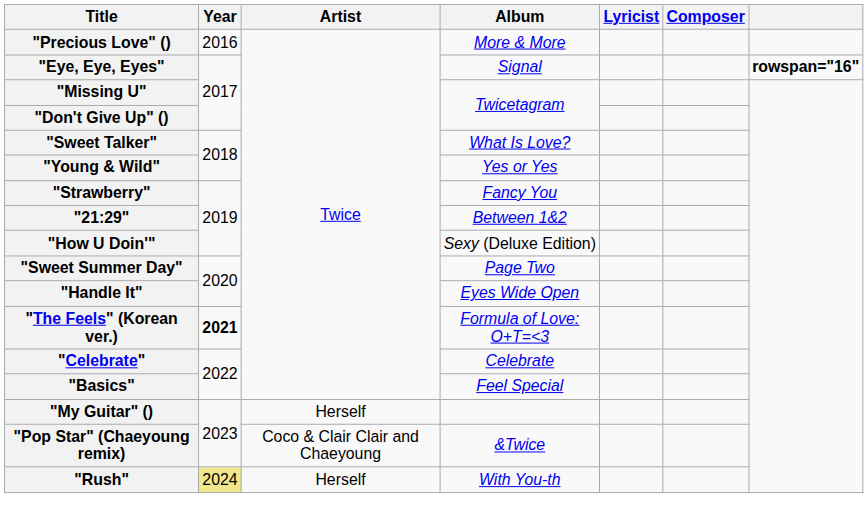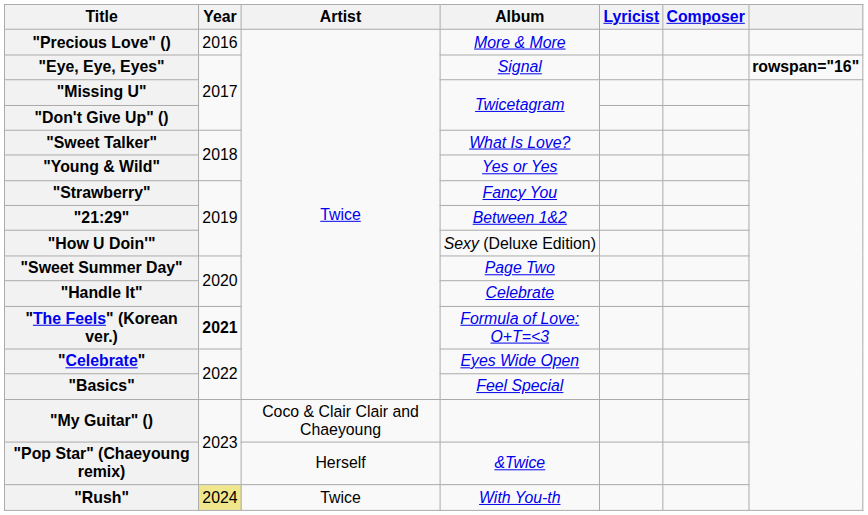 <table class="wikitable plainrowheaders" style="text-align:center">
 <tr>
 <th scope="col">Title</th>
 <th scope="col">Year</th>
 <th scope="col">Artist</th>
 <th scope="col">Album</th>
 <th scope="col"><a href='#'>Lyricist</a></th>
 <th scope="col"><a href='#'>Composer</a></th>
 <th scope="col"></th>
 </tr>
 <tr>
 <th scope="row">"Precious Love" ()</th>
 <td>2016</td>
 <td rowspan="14"><a href='#'>Twice</a></td>
 <td><em><a href='#'>More & More</a></em></td>
 <td></td>
 <td></td>
 <td></td>
 </tr>
 <tr>
 <th scope="row">"Eye, Eye, Eyes"</th>
 <td rowspan="3">2017</td>
 <td><em><a href='#'>Signal</a></em></td>
 <td></td>
 <td></td>
 <td><strong>rowspan="16" </strong></td>
 </tr>
 <tr>
 <th scope="row">"Missing U"</th>
 <td rowspan="2"><em><a href='#'>Twicetagram</a></em></td>
 <td></td>
 <td></td>
 </tr>
 <tr>
 <th scope="row">"Don't Give Up" ()</th>
 <td></td>
 <td></td>
 </tr>
 <tr>
 <th scope="row">"Sweet Talker"</th>
 <td rowspan="2">2018</td>
 <td><em><a href='#'>What Is Love?</a></em></td>
 <td></td>
 <td></td>
 </tr>
 <tr>
 <th scope="row">"Young & Wild"</th>
 <td><em><a href='#'>Yes or Yes</a></em></td>
 <td></td>
 <td></td>
 </tr>
 <tr>
 <th scope="row">"Strawberry"</th>
 <td rowspan="3">2019</td>
 <td><em><a href='#'>Fancy You</a></em></td>
 <td></td>
 <td></td>
 </tr>
 <tr>
 <th scope="row">"21:29"</th>
 <td><em><a href='#'>Between 1&2</a></em></td>
 <td></td>
 <td></td>
 </tr>
 <tr>
 <th scope="row">"How U Doin'"</th>
 <td><em>Sexy</em> (Deluxe Edition)</td>
 <td></td>
 <td></td>
 </tr>
 <tr>
 <th scope="row">"Sweet Summer Day"</th>
 <td rowspan="2">2020</td>
 <td><em><a href='#'>Page Two</a></em></td>
 <td></td>
 <td></td>
 </tr>
 <tr>
 <th scope="row">"Handle It"</th>
-<td><em><a href='#'>Eyes Wide Open</a></em></td>
+<td><em><a href='#'>Celebrate</a></em></td>
 <td></td>
 <td></td>
 </tr>
 <tr>
 <th scope="row">"<a href='#'>The Feels</a>" (Korean ver.)</th>
 <td><strong>2021</strong></td>
 <td><em><a href='#'>Formula of Love: O+T=<3</a></em></td>
 <td></td>
 <td></td>
 </tr>
 <tr>
 <th scope="row">"<a href='#'>Celebrate</a>"</th>
 <td rowspan="2">2022</td>
-<td><em><a href='#'>Celebrate</a></em></td>
+<td><em><a href='#'>Eyes Wide Open</a></em></td>
 <td></td>
 <td></td>
 </tr>
 <tr>
 <th scope="row">"Basics"</th>
 <td><em><a href='#'>Feel Special</a></em></td>
 <td></td>
 <td></td>
 </tr>
 <tr>
 <th scope="row">"My Guitar" ()</th>
 <td rowspan="2">2023</td>
-<td>Herself</td>
+<td>Coco & Clair Clair and Chaeyoung</td>
 <td></td>
 <td></td>
 <td></td>
 </tr>
 <tr>
 <th scope="row">"Pop Star" (Chaeyoung remix)</th>
-<td>Coco & Clair Clair and Chaeyoung</td>
+<td>Herself</td>
 <td><em><a href='#'>&Twice</a></em></td>
 <td></td>
 <td></td>
 </tr>
 <tr>
 <th scope="row">"Rush"</th>
 <td style="background: khaki;">2024</td>
-<td>Herself</td>
+<td>Twice</td>
 <td><em><a href='#'>With You-th</a></em></td>
 <td></td>
 <td></td>
 </tr>
 </table>
